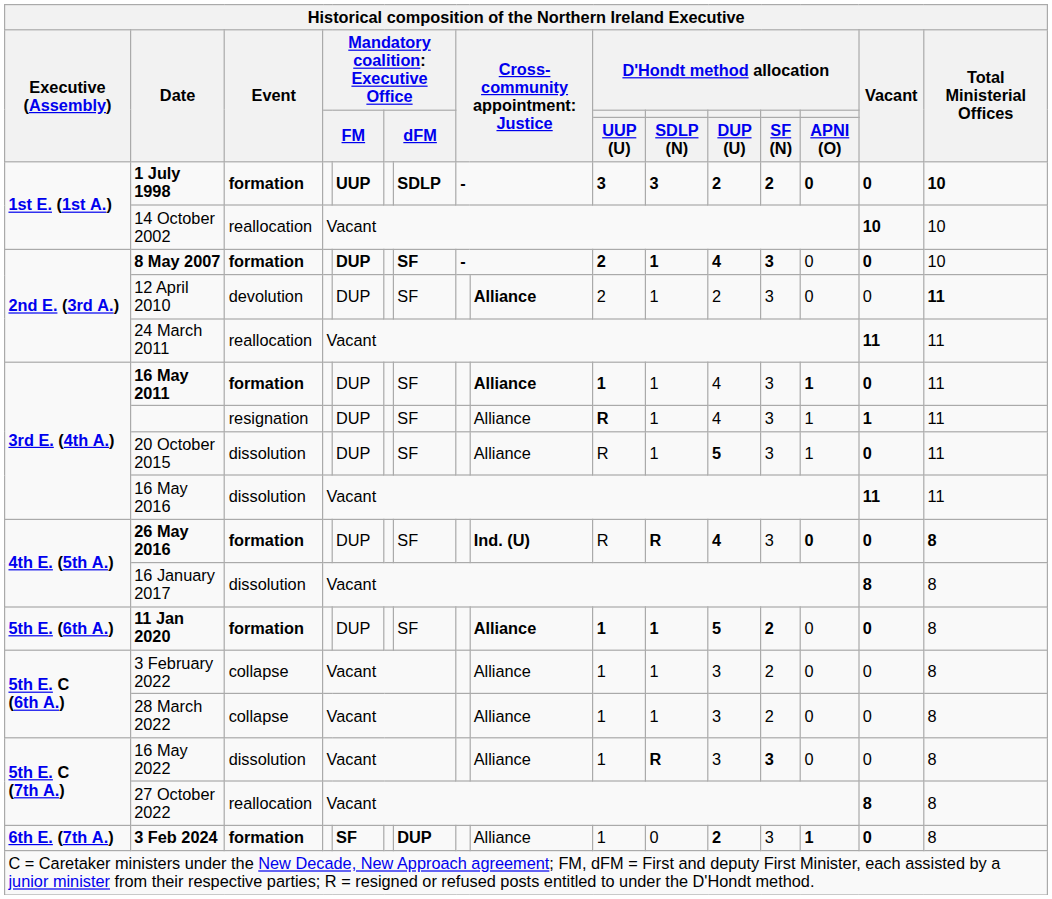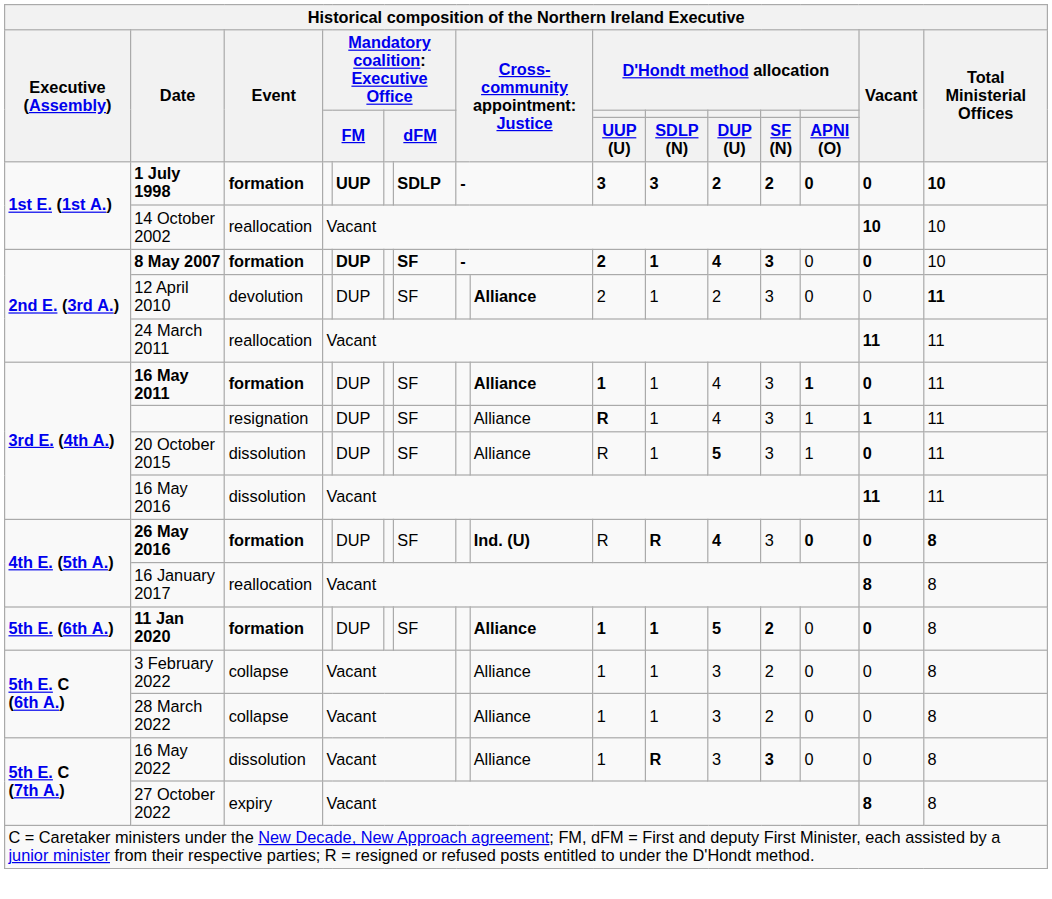 <table class="wikitable" style="font-size: 85%">
 <tr>
 <th colspan="16">Historical composition of the Northern Ireland Executive</th>
 </tr>
 <tr>
 <th rowspan="3">Executive (<a href='#'>Assembly</a>)</th>
 <th rowspan="3">Date</th>
 <th rowspan="3">Event</th>
 <th colspan="4"><a href='#'>Mandatory coalition</a>:<br><a href='#'>Executive Office</a></th>
 <th colspan="2" rowspan="3"><a href='#'>Cross-community</a><br>appointment: <a href='#'>Justice</a></th>
 <th colspan="5"><a href='#'>D'Hondt method</a> allocation</th>
 <th rowspan="3">Vacant</th>
 <th rowspan="3">Total Ministerial Offices</th>
 </tr>
 <tr>
 <th colspan="2" rowspan="2"><a href='#'>FM</a></th>
 <th colspan="2" rowspan="2"><a href='#'>dFM</a></th>
 <th style="background-color: "></th>
 <th style="background-color: "></th>
 <th style="background-color: "></th>
 <th style="background-color: "></th>
 <th style="background-color: "></th>
 </tr>
 <tr>
 <th scope="col" align="center"><a href='#'>UUP</a> (U)</th>
 <th><a href='#'>SDLP</a> (N)</th>
 <th><a href='#'>DUP</a> (U)</th>
 <th><a href='#'>SF</a> (N)</th>
 <th><a href='#'>APNI</a> (O)</th>
 </tr>
 <tr>
 <td rowspan="2"><strong><a href='#'>1st E.</a> (<a href='#'>1st A.</a>)</strong></td>
 <td><strong>1 July 1998</strong></td>
 <td><strong>formation</strong></td>
 <td style="background-color: "></td>
 <td><strong>UUP</strong></td>
 <td style="background-color: "></td>
 <td><strong>SDLP</strong></td>
 <td colspan="2"><strong>-</strong></td>
 <td><strong>3</strong></td>
 <td><strong>3</strong></td>
 <td><strong>2</strong></td>
 <td><strong>2</strong></td>
 <td><strong>0</strong></td>
 <td><strong>0</strong></td>
 <td><strong>10</strong></td>
 </tr>
 <tr>
 <td>14 October 2002</td>
 <td>reallocation</td>
 <td colspan="11">Vacant</td>
 <td><strong>10</strong></td>
 <td>10</td>
 </tr>
 <tr>
 <td rowspan="3"><strong><a href='#'>2nd E.</a> (<a href='#'>3rd A.</a>)</strong></td>
 <td><strong>8 May 2007</strong></td>
 <td><strong>formation</strong></td>
 <td style="background-color: "></td>
 <td><strong>DUP</strong></td>
 <td style="background-color: "></td>
 <td><strong>SF</strong></td>
 <td colspan="2"><strong>-</strong></td>
 <td><strong>2</strong></td>
 <td><strong>1</strong></td>
 <td><strong>4</strong></td>
 <td><strong>3</strong></td>
 <td>0</td>
 <td><strong>0</strong></td>
 <td>10</td>
 </tr>
 <tr>
 <td>12 April 2010</td>
 <td>devolution</td>
 <td style="background-color: "></td>
 <td>DUP</td>
 <td style="background-color: "></td>
 <td>SF</td>
 <td style="background-color: "></td>
 <td><strong>Alliance</strong></td>
 <td>2</td>
 <td>1</td>
 <td>2</td>
 <td>3</td>
 <td>0</td>
 <td>0</td>
 <td><strong>11</strong></td>
 </tr>
 <tr>
 <td>24 March 2011</td>
 <td>reallocation</td>
 <td colspan="11">Vacant</td>
 <td><strong>11</strong></td>
 <td>11</td>
 </tr>
 <tr>
 <td rowspan="4"><strong><a href='#'>3rd E.</a> (<a href='#'>4th A.</a>)</strong></td>
 <td><strong>16 May 2011</strong></td>
 <td><strong>formation</strong></td>
 <td style="background-color: "></td>
 <td>DUP</td>
 <td style="background-color: "></td>
 <td>SF</td>
 <td style="background-color: "></td>
 <td><strong>Alliance</strong></td>
 <td><strong>1</strong></td>
 <td>1</td>
 <td>4</td>
 <td>3</td>
 <td><strong>1</strong></td>
 <td><strong>0</strong></td>
 <td>11</td>
 </tr>
 <tr>
 <td></td>
 <td>resignation</td>
 <td style="background-color: "></td>
 <td>DUP</td>
 <td style="background-color: "></td>
 <td>SF</td>
 <td style="background-color: "></td>
 <td>Alliance</td>
 <td><strong>R</strong></td>
 <td>1</td>
 <td>4</td>
 <td>3</td>
 <td>1</td>
 <td><strong>1</strong></td>
 <td>11</td>
 </tr>
 <tr>
 <td>20 October 2015</td>
 <td>dissolution</td>
 <td style="background-color: "></td>
 <td>DUP</td>
 <td style="background-color: "></td>
 <td>SF</td>
 <td style="background-color: "></td>
 <td>Alliance</td>
 <td>R</td>
 <td>1</td>
 <td><strong>5</strong></td>
 <td>3</td>
 <td>1</td>
 <td><strong>0</strong></td>
 <td>11</td>
 </tr>
 <tr>
 <td>16 May 2016</td>
 <td>dissolution</td>
 <td colspan="11">Vacant</td>
 <td><strong>11</strong></td>
 <td>11</td>
 </tr>
 <tr>
 <td rowspan="2"><strong><a href='#'>4th E.</a> (<a href='#'>5th A.</a>)</strong></td>
 <td><strong>26 May 2016</strong></td>
 <td><strong>formation</strong></td>
 <td style="background-color: "></td>
 <td>DUP</td>
 <td style="background-color: "></td>
 <td>SF</td>
 <td style="background-color: "></td>
 <td><strong>Ind. (U)</strong></td>
 <td>R</td>
 <td><strong>R</strong></td>
 <td><strong>4</strong></td>
 <td>3</td>
 <td><strong>0</strong></td>
 <td><strong>0</strong></td>
 <td><strong>8</strong></td>
 </tr>
 <tr>
 <td>16 January 2017</td>
-<td>dissolution</td>
+<td>reallocation</td>
 <td colspan="11">Vacant</td>
 <td><strong>8</strong></td>
 <td>8</td>
 </tr>
 <tr>
 <td><strong><a href='#'>5th E.</a> (<a href='#'>6th A.</a>)</strong></td>
 <td><strong>11 Jan 2020</strong></td>
 <td><strong>formation</strong></td>
 <td style="background-color: "></td>
 <td>DUP</td>
 <td style="background-color: "></td>
 <td>SF</td>
 <td style="background-color: "></td>
 <td><strong>Alliance</strong></td>
 <td><strong>1</strong></td>
 <td><strong>1</strong></td>
 <td><strong>5</strong></td>
 <td><strong>2</strong></td>
 <td>0</td>
 <td><strong>0</strong></td>
 <td>8</td>
 </tr>
 <tr>
 <td rowspan="2"><strong><a href='#'>5th E.</a> C (<a href='#'>6th A.</a>)</strong></td>
 <td>3 February 2022</td>
 <td>collapse</td>
 <td colspan="4">Vacant</td>
 <td style="background-color: "></td>
 <td>Alliance</td>
 <td>1</td>
 <td>1</td>
 <td>3</td>
 <td>2</td>
 <td>0</td>
 <td>0</td>
 <td>8</td>
 </tr>
 <tr>
 <td>28 March 2022</td>
 <td>collapse</td>
 <td colspan="4">Vacant</td>
 <td style="background-color: "></td>
 <td>Alliance</td>
 <td>1</td>
 <td>1</td>
 <td>3</td>
 <td>2</td>
 <td>0</td>
 <td>0</td>
 <td>8</td>
 </tr>
 <tr>
 <td rowspan="2"><strong><a href='#'>5th E.</a> C (<a href='#'>7th A.</a>)</strong></td>
 <td>16 May 2022</td>
 <td>dissolution</td>
 <td colspan="4">Vacant</td>
 <td style="background-color: "></td>
 <td>Alliance</td>
 <td>1</td>
 <td><strong>R</strong></td>
 <td>3</td>
 <td><strong>3</strong></td>
 <td>0</td>
 <td>0</td>
 <td>8</td>
 </tr>
 <tr>
 <td>27 October 2022</td>
-<td>reallocation</td>
+<td>expiry</td>
 <td colspan="11">Vacant</td>
 <td><strong>8</strong></td>
-<td>8</td>
-</tr>
-<tr>
-<td><strong><a href='#'>6th E.</a> (<a href='#'>7th A.</a>)</strong></td>
-<td><strong>3 Feb 2024</strong></td>
-<td><strong>formation</strong></td>
-<td style="background-color: "></td>
-<td><strong>SF</strong></td>
-<td style="background-color: "></td>
-<td><strong>DUP</strong></td>
-<td style="background-color: "></td>
-<td>Alliance</td>
-<td>1</td>
-<td>0</td>
-<td><strong>2</strong></td>
-<td>3</td>
-<td><strong>1</strong></td>
-<td><strong>0</strong></td>
 <td>8</td>
 </tr>
 <tr>
 <td colspan="16">C = Caretaker ministers under the <a href='#'>New Decade, New Approach agreement</a>; FM, dFM = First and deputy First Minister, each assisted by a <a href='#'>junior minister</a> from their respective parties; R = resigned or refused posts entitled to under the D'Hondt method.</td>
 </tr>
 </table>
